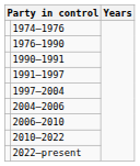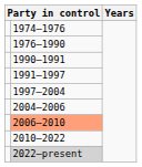 <table class="wikitable">
 <tr>
 <th colspan=2>Party in control</th>
 <th>Years</th>
 </tr>
 <tr>
 <td></td>
 <td>1974–1976</td>
 </tr>
 <tr>
 <td></td>
 <td>1976–1990</td>
 </tr>
 <tr>
 <td></td>
 <td>1990–1991</td>
 </tr>
 <tr>
 <td></td>
 <td>1991–1997</td>
 </tr>
 <tr>
 <td></td>
 <td>1997–2004</td>
 </tr>
 <tr>
 <td></td>
 <td>2004–2006</td>
 </tr>
 <tr>
 <td></td>
-<td>2006–2010</td>
+<td style="background: lightsalmon;">2006–2010</td>
 </tr>
 <tr>
 <td></td>
 <td>2010–2022</td>
 </tr>
 <tr>
 <td></td>
-<td>2022–present</td>
+<td style="background: lightgrey;">2022–present</td>
 </tr>
 </table>
